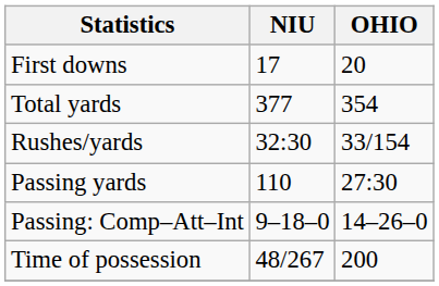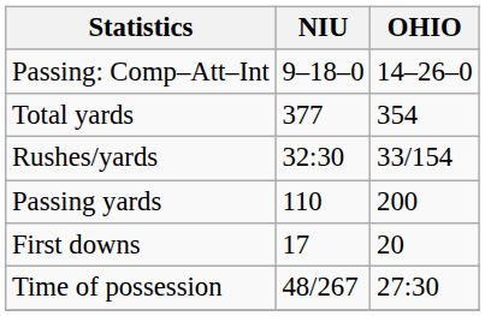 <table class="wikitable" style="float: left;">
 <tr>
 <th>Statistics</th>
 <th>NIU</th>
 <th>OHIO</th>
 </tr>
 <tr>
-<td>First downs</td>
-<td>17</td>
-<td>20</td>
+<td>Passing: Comp–Att–Int</td>
+<td>9–18–0</td>
+<td>14–26–0</td>
 </tr>
 <tr>
 <td>Total yards</td>
 <td>377</td>
 <td>354</td>
 </tr>
 <tr>
 <td>Rushes/yards</td>
 <td>32:30</td>
 <td>33/154</td>
 </tr>
 <tr>
 <td>Passing yards</td>
 <td>110</td>
-<td>27:30</td>
+<td>200</td>
 </tr>
 <tr>
-<td>Passing: Comp–Att–Int</td>
-<td>9–18–0</td>
-<td>14–26–0</td>
+<td>First downs</td>
+<td>17</td>
+<td>20</td>
 </tr>
 <tr>
 <td>Time of possession</td>
 <td>48/267</td>
-<td>200</td>
+<td>27:30</td>
 </tr>
 <tr>
 </tr>
 </table>
